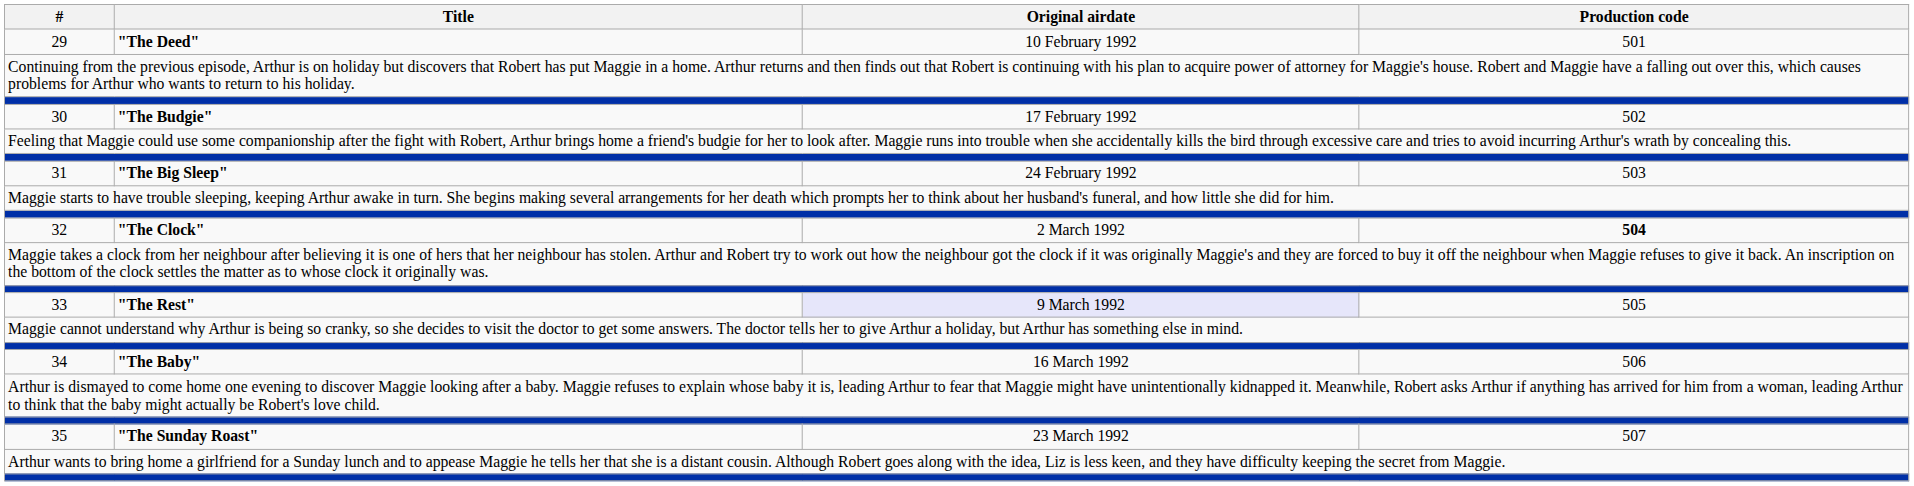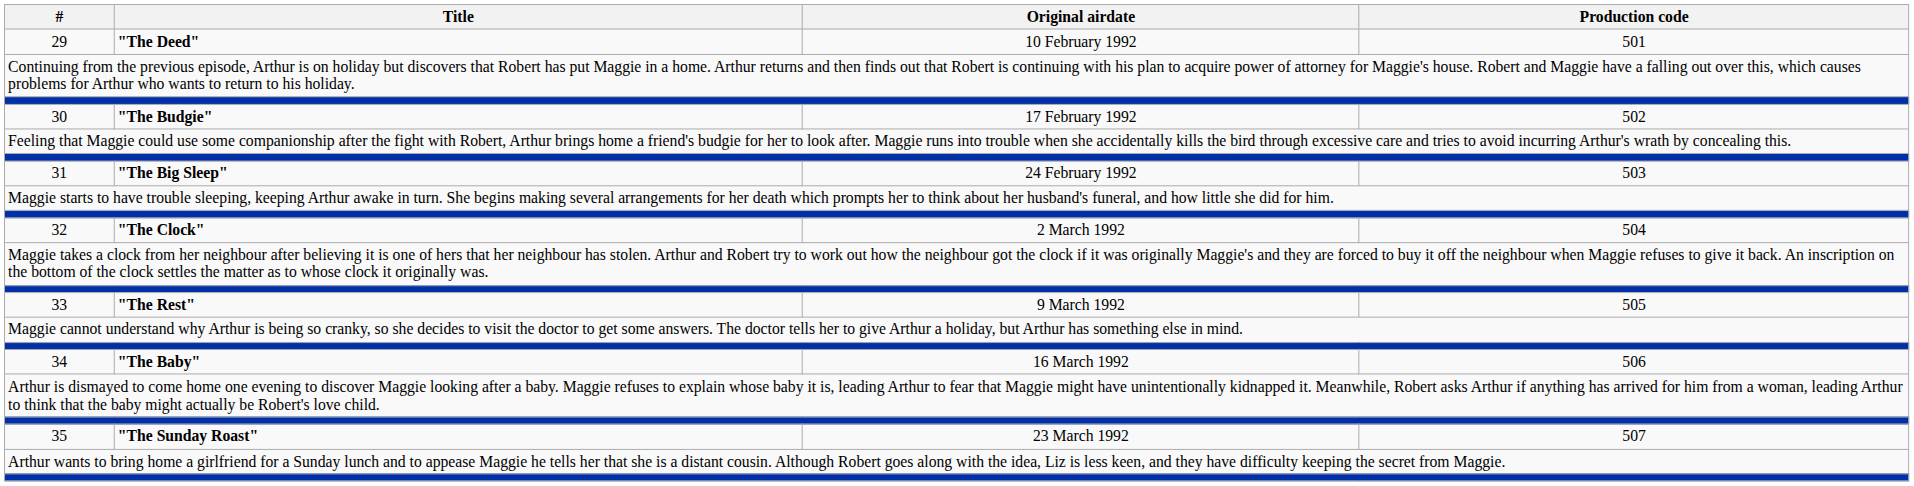 <table class="wikitable" width="98%">
 <tr>
 <th>#</th>
 <th>Title</th>
 <th>Original airdate</th>
 <th>Production code</th>
 </tr>
 <tr>
 <td align="center">29</td>
 <td><strong>"The Deed"</strong></td>
 <td align="center">10 February 1992</td>
 <td align="center">501</td>
 </tr>
 <tr>
 <td colspan="4">Continuing from the previous episode, Arthur is on holiday but discovers that Robert has put Maggie in a home.  Arthur returns and then finds out that Robert is continuing with his plan to acquire power of attorney for Maggie's house.  Robert and Maggie have a falling out over this, which causes problems for Arthur who wants to return to his holiday.</td>
 </tr>
 <tr>
 <td colspan="4" bgcolor="#002FA7"></td>
 </tr>
 <tr>
 <td align="center">30</td>
 <td><strong>"The Budgie"</strong></td>
 <td align="center">17 February 1992</td>
 <td align="center">502</td>
 </tr>
 <tr>
 <td colspan="4">Feeling that Maggie could use some companionship after the fight with Robert, Arthur brings home a friend's budgie for her to look after.  Maggie runs into trouble when she accidentally kills the bird through excessive care and tries to avoid incurring Arthur's wrath by concealing this.</td>
 </tr>
 <tr>
 <td colspan="4" bgcolor="#002FA7"></td>
 </tr>
 <tr>
 <td align="center">31</td>
 <td><strong>"The Big Sleep"</strong></td>
 <td align="center">24 February 1992</td>
 <td align="center">503</td>
 </tr>
 <tr>
 <td colspan="4">Maggie starts to have trouble sleeping, keeping Arthur awake in turn.  She begins making several arrangements for her death which prompts her to think about her husband's funeral, and how little she did for him.</td>
 </tr>
 <tr>
 <td colspan="4" bgcolor="#002FA7"></td>
 </tr>
 <tr>
 <td align="center">32</td>
 <td><strong>"The Clock"</strong></td>
 <td align="center">2 March 1992</td>
-<td align="center"><strong>504</strong></td>
+<td align="center">504</td>
 </tr>
 <tr>
 <td colspan="4">Maggie takes a clock from her neighbour after believing it is one of hers that her neighbour has stolen.  Arthur and Robert try to work out how the neighbour got the clock if it was originally Maggie's and they are forced to buy it off the neighbour when Maggie refuses to give it back.  An inscription on the bottom of the clock settles the matter as to whose clock it originally was.</td>
 </tr>
 <tr>
 <td colspan="4" bgcolor="#002FA7"></td>
 </tr>
 <tr>
 <td align="center">33</td>
 <td><strong>"The Rest"</strong></td>
-<td align="center" style="background: lavender;">9 March 1992</td>
+<td align="center">9 March 1992</td>
 <td align="center">505</td>
 </tr>
 <tr>
 <td colspan="4">Maggie cannot understand why Arthur is being so cranky, so she decides to visit the doctor to get some answers. The doctor tells her to give Arthur a holiday, but Arthur has something else in mind.</td>
 </tr>
 <tr>
 <td colspan="4" bgcolor="#002FA7"></td>
 </tr>
 <tr>
 <td align="center">34</td>
 <td><strong>"The Baby"</strong></td>
 <td align="center">16 March 1992</td>
 <td align="center">506</td>
 </tr>
 <tr>
 <td colspan="4">Arthur is dismayed to come home one evening to discover Maggie looking after a baby.  Maggie refuses to explain whose baby it is, leading Arthur to fear that Maggie might have unintentionally kidnapped it.  Meanwhile, Robert asks Arthur if anything has arrived for him from a woman, leading Arthur to think that the baby might actually be Robert's love child.</td>
 </tr>
 <tr>
 <td colspan="4" bgcolor="#002FA7"></td>
 </tr>
 <tr>
 <td align="center">35</td>
 <td><strong>"The Sunday Roast"</strong></td>
 <td align="center">23 March 1992</td>
 <td align="center">507</td>
 </tr>
 <tr>
 <td colspan="4">Arthur wants to bring home a girlfriend for a Sunday lunch and to appease Maggie he tells her that she is a distant cousin.  Although Robert goes along with the idea, Liz is less keen, and they have difficulty keeping the secret from Maggie.</td>
 </tr>
 <tr>
 <td colspan="4" bgcolor="#002FA7"></td>
 </tr>
 </table>
